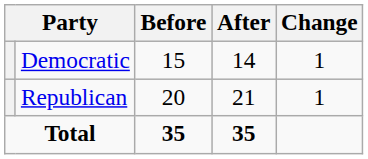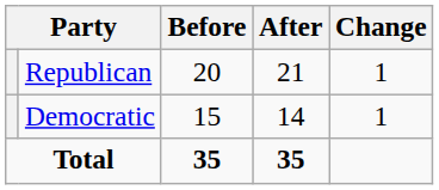 <table class="wikitable" style="text-align:center;">
 <tr>
 <th colspan="2">Party</th>
 <th>Before</th>
 <th>After</th>
 <th>Change</th>
 </tr>
 <tr>
 <th style="background-color:"></th>
-<td style="text-align:left;"><a href='#'>Democratic</a></td>
-<td>15</td>
-<td>14</td>
+<td style="text-align:left;"><a href='#'>Republican</a></td>
+<td>20</td>
+<td>21</td>
 <td> 1</td>
 </tr>
 <tr>
 <th style="background-color:"></th>
-<td style="text-align:left;"><a href='#'>Republican</a></td>
-<td>20</td>
-<td>21</td>
+<td style="text-align:left;"><a href='#'>Democratic</a></td>
+<td>15</td>
+<td>14</td>
 <td> 1</td>
 </tr>
 <tr>
 <td colspan="2"><strong>Total</strong></td>
 <td><strong>35</strong></td>
 <td><strong>35</strong></td>
 <td></td>
 </tr>
 </table>
